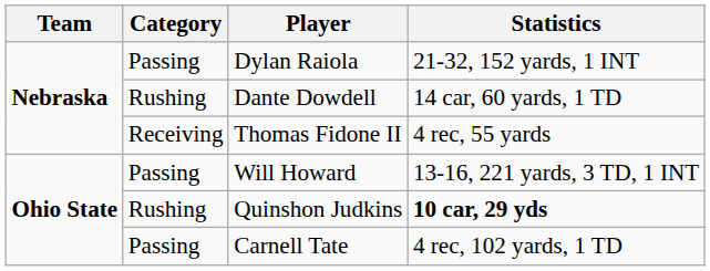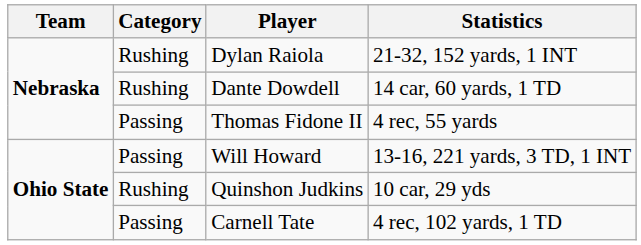 <table class="wikitable" style="float: right;">
 <tr>
 <th>Team</th>
 <th>Category</th>
 <th>Player</th>
 <th>Statistics</th>
 </tr>
 <tr>
 <td rowspan=3><strong>Nebraska</strong></td>
-<td>Passing</td>
+<td>Rushing</td>
 <td>Dylan Raiola</td>
 <td>21-32, 152 yards, 1 INT</td>
 </tr>
 <tr>
 <td>Rushing</td>
 <td>Dante Dowdell</td>
 <td>14 car, 60 yards, 1 TD</td>
 </tr>
 <tr>
-<td>Receiving</td>
+<td>Passing</td>
 <td>Thomas Fidone II</td>
 <td>4 rec, 55 yards</td>
 </tr>
 <tr>
 <td rowspan=3><strong>Ohio State</strong></td>
 <td>Passing</td>
 <td>Will Howard</td>
 <td>13-16, 221 yards, 3 TD, 1 INT</td>
 </tr>
 <tr>
 <td>Rushing</td>
 <td>Quinshon Judkins</td>
-<td><strong>10 car, 29 yds</strong></td>
+<td>10 car, 29 yds</td>
 </tr>
 <tr>
 <td>Passing</td>
 <td>Carnell Tate</td>
 <td>4 rec, 102 yards, 1 TD</td>
 </tr>
 </table>
